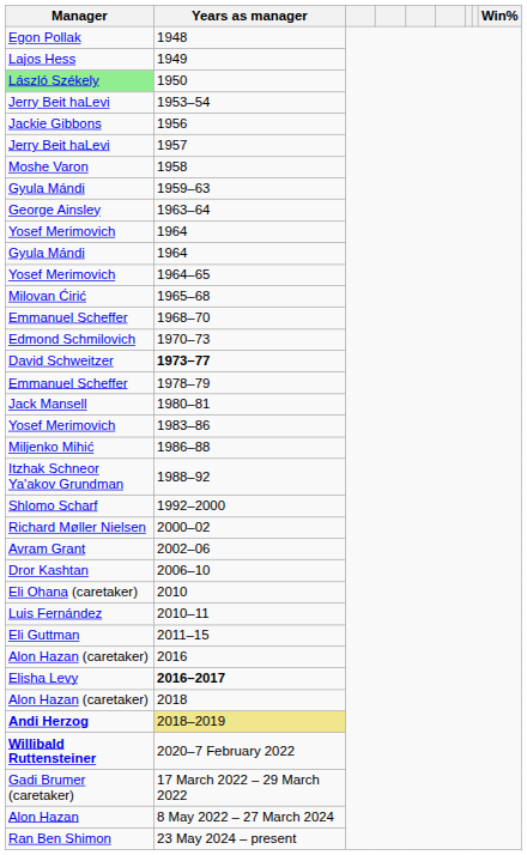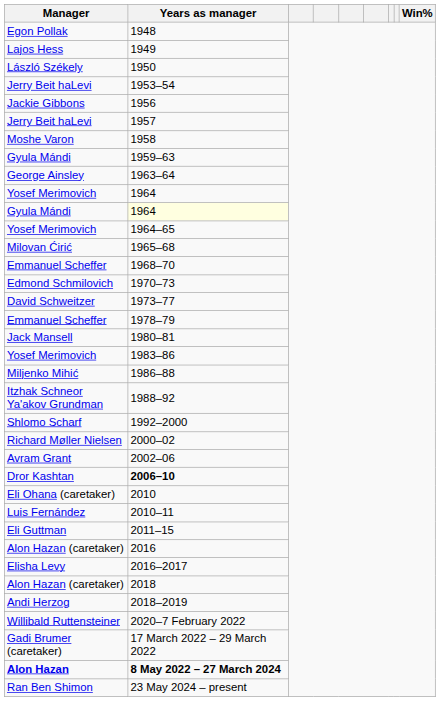 <table class="wikitable sortable collapsible collapsed">
 <tr>
 <th>Manager</th>
 <th>Years as manager</th>
 <th width=28><br></th>
 <th width=28><br></th>
 <th width=28><br></th>
 <th width=28><br></th>
 <th></th>
 <th></th>
 <th>Win%</th>
 </tr>
 <tr>
 <td> <a href='#'>Egon Pollak</a></td>
 <td>1948<br></td>
 </tr>
 <tr>
 <td> <a href='#'>Lajos Hess</a></td>
 <td>1949<br></td>
 </tr>
 <tr>
-<td style="background: lightgreen;"> <a href='#'>László Székely</a></td>
+<td> <a href='#'>László Székely</a></td>
 <td>1950<br></td>
 </tr>
 <tr>
 <td> <a href='#'>Jerry Beit haLevi</a></td>
 <td>1953–54<br></td>
 </tr>
 <tr>
 <td> <a href='#'>Jackie Gibbons</a></td>
 <td>1956<br></td>
 </tr>
 <tr>
 <td> <a href='#'>Jerry Beit haLevi</a></td>
 <td>1957<br></td>
 </tr>
 <tr>
 <td> <a href='#'>Moshe Varon</a></td>
 <td>1958<br></td>
 </tr>
 <tr>
 <td> <a href='#'>Gyula Mándi</a></td>
 <td>1959–63<br></td>
 </tr>
 <tr>
 <td> <a href='#'>George Ainsley</a></td>
 <td>1963–64<br></td>
 </tr>
 <tr>
 <td> <a href='#'>Yosef Merimovich</a></td>
 <td>1964<br></td>
 </tr>
 <tr>
 <td> <a href='#'>Gyula Mándi</a></td>
-<td>1964<br></td>
+<td style="background: lightyellow;">1964<br></td>
 </tr>
 <tr>
 <td> <a href='#'>Yosef Merimovich</a></td>
 <td>1964–65<br></td>
 </tr>
 <tr>
 <td> <a href='#'>Milovan Ćirić</a></td>
 <td>1965–68<br></td>
 </tr>
 <tr>
 <td> <a href='#'>Emmanuel Scheffer</a></td>
 <td>1968–70<br></td>
 </tr>
 <tr>
 <td>  <a href='#'>Edmond Schmilovich</a></td>
 <td>1970–73<br></td>
 </tr>
 <tr>
 <td> <a href='#'>David Schweitzer</a></td>
-<td><strong>1973–77<br></strong></td>
+<td>1973–77<br></td>
 </tr>
 <tr>
 <td> <a href='#'>Emmanuel Scheffer</a></td>
 <td>1978–79<br></td>
 </tr>
 <tr>
 <td> <a href='#'>Jack Mansell</a></td>
 <td>1980–81<br></td>
 </tr>
 <tr>
 <td> <a href='#'>Yosef Merimovich</a></td>
 <td>1983–86<br></td>
 </tr>
 <tr>
 <td> <a href='#'>Miljenko Mihić</a></td>
 <td>1986–88<br></td>
 </tr>
 <tr>
 <td> <a href='#'>Itzhak Schneor</a><br> <a href='#'>Ya'akov Grundman</a></td>
 <td>1988–92<br></td>
 </tr>
 <tr>
 <td> <a href='#'>Shlomo Scharf</a></td>
 <td>1992–2000<br></td>
 </tr>
 <tr>
 <td> <a href='#'>Richard Møller Nielsen</a></td>
 <td>2000–02<br></td>
 </tr>
 <tr>
 <td> <a href='#'>Avram Grant</a></td>
 <td>2002–06<br></td>
 </tr>
 <tr>
 <td> <a href='#'>Dror Kashtan</a></td>
-<td>2006–10<br></td>
+<td><strong>2006–10<br></strong></td>
 </tr>
 <tr>
 <td> <a href='#'>Eli Ohana</a> (caretaker)</td>
 <td>2010<br></td>
 </tr>
 <tr>
 <td> <a href='#'>Luis Fernández</a></td>
 <td>2010–11<br></td>
 </tr>
 <tr>
 <td> <a href='#'>Eli Guttman</a></td>
 <td>2011–15<br></td>
 </tr>
 <tr>
 <td> <a href='#'>Alon Hazan</a> (caretaker)</td>
 <td>2016<br></td>
 </tr>
 <tr>
 <td> <a href='#'>Elisha Levy</a></td>
-<td><strong>2016–2017<br></strong></td>
+<td>2016–2017<br></td>
 </tr>
 <tr>
 <td> <a href='#'>Alon Hazan</a> (caretaker)</td>
 <td>2018<br></td>
 </tr>
 <tr>
-<td><strong> <a href='#'>Andi Herzog</a></strong></td>
-<td style="background: khaki;">2018–2019<br></td>
+<td> <a href='#'>Andi Herzog</a></td>
+<td>2018–2019<br></td>
 </tr>
 <tr>
-<td><strong> <a href='#'>Willibald Ruttensteiner</a></strong></td>
+<td> <a href='#'>Willibald Ruttensteiner</a></td>
 <td>2020–7 February 2022<br></td>
 </tr>
 <tr>
 <td> <a href='#'>Gadi Brumer</a> (caretaker)</td>
 <td>17 March 2022 – 29 March 2022<br></td>
 </tr>
 <tr>
-<td> <a href='#'>Alon Hazan</a></td>
-<td>8 May 2022 – 27 March 2024<br></td>
+<td><strong> <a href='#'>Alon Hazan</a></strong></td>
+<td><strong>8 May 2022 – 27 March 2024<br></strong></td>
 </tr>
 <tr>
 <td> <a href='#'>Ran Ben Shimon</a></td>
 <td>23 May 2024 – present<br></td>
 </tr>
 </table>
